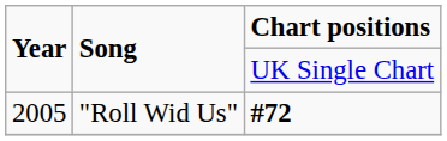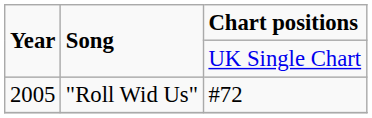 <table class="wikitable">
 <tr>
 <td rowspan="2"><strong>Year</strong></td>
 <td rowspan="2"><strong>Song</strong></td>
 <td><strong>Chart positions</strong> </td>
 </tr>
 <tr>
 <td><a href='#'>UK Single Chart</a></td>
 </tr>
 <tr>
 <td>2005</td>
 <td>"Roll Wid Us"</td>
-<td><strong>#72</strong></td>
+<td>#72</td>
 </tr>
 <tr>
 </tr>
 </table>
